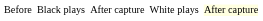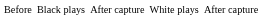 <table border="0" cellspacing="0" cellpadding="0">
 <tr valign="top">
 <td><br></td>
 <td>  </td>
 <td><br></td>
 <td>  </td>
 <td><br></td>
 <td>  </td>
 <td><br></td>
 <td>  </td>
 <td><br></td>
 </tr>
 <tr valign="top">
 <td>Before</td>
 <td>  </td>
 <td>Black plays</td>
 <td>  </td>
 <td>After capture</td>
 <td>  </td>
 <td>White plays</td>
 <td>  </td>
-<td style="background: lightyellow;">After capture</td>
+<td>After capture</td>
 </tr>
 </table>
